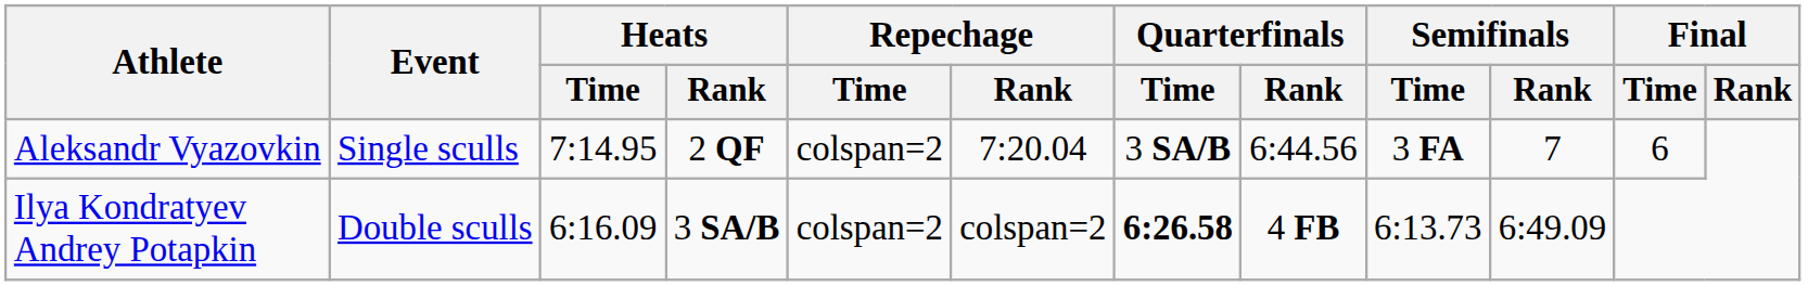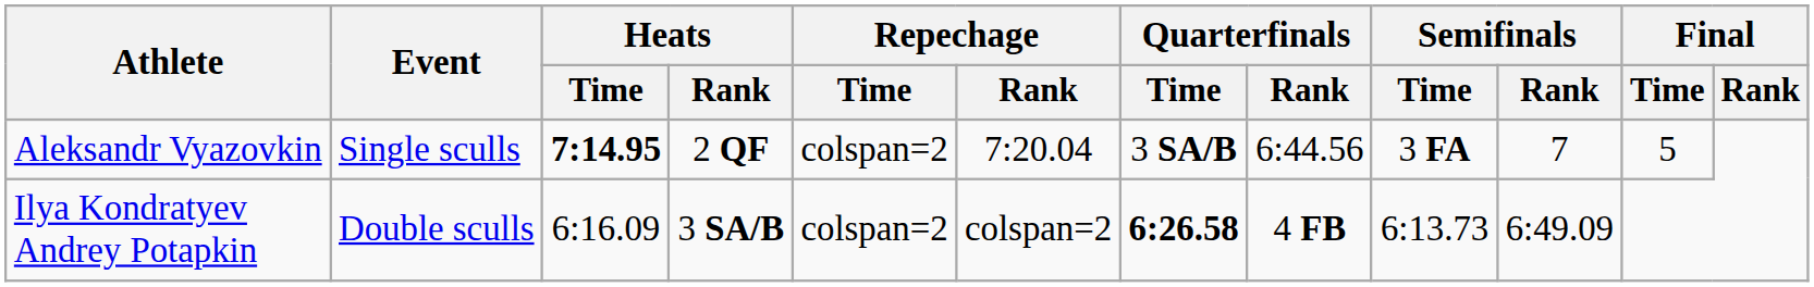 <table class="wikitable" style="text-align:center; font-size:90%">
 <tr>
 <th rowspan=2>Athlete</th>
 <th rowspan=2>Event</th>
 <th colspan=2>Heats</th>
 <th colspan=2>Repechage</th>
 <th colspan=2>Quarterfinals</th>
 <th colspan=2>Semifinals</th>
 <th colspan=2>Final</th>
 </tr>
 <tr style="font-size:95%">
 <th>Time</th>
 <th>Rank</th>
 <th>Time</th>
 <th>Rank</th>
 <th>Time</th>
 <th>Rank</th>
 <th>Time</th>
 <th>Rank</th>
 <th>Time</th>
 <th>Rank</th>
 </tr>
 <tr>
 <td align=left><a href='#'>Aleksandr Vyazovkin</a></td>
 <td align=left><a href='#'>Single sculls</a></td>
-<td>7:14.95</td>
+<td><strong>7:14.95</strong></td>
 <td>2 <strong>QF</strong></td>
 <td>colspan=2 </td>
 <td>7:20.04</td>
 <td>3 <strong>SA/B</strong></td>
 <td>6:44.56</td>
 <td>3 <strong>FA</strong></td>
 <td>7</td>
-<td>6</td>
+<td>5</td>
 </tr>
 <tr>
 <td align=left><a href='#'>Ilya Kondratyev</a><br><a href='#'>Andrey Potapkin</a></td>
 <td align=left><a href='#'>Double sculls</a></td>
 <td>6:16.09</td>
 <td>3 <strong>SA/B</strong></td>
 <td>colspan=2 </td>
 <td>colspan=2 </td>
 <td><strong>6:26.58</strong></td>
 <td>4 <strong>FB</strong></td>
 <td>6:13.73</td>
 <td>6:49.09</td>
 </tr>
 </table>
